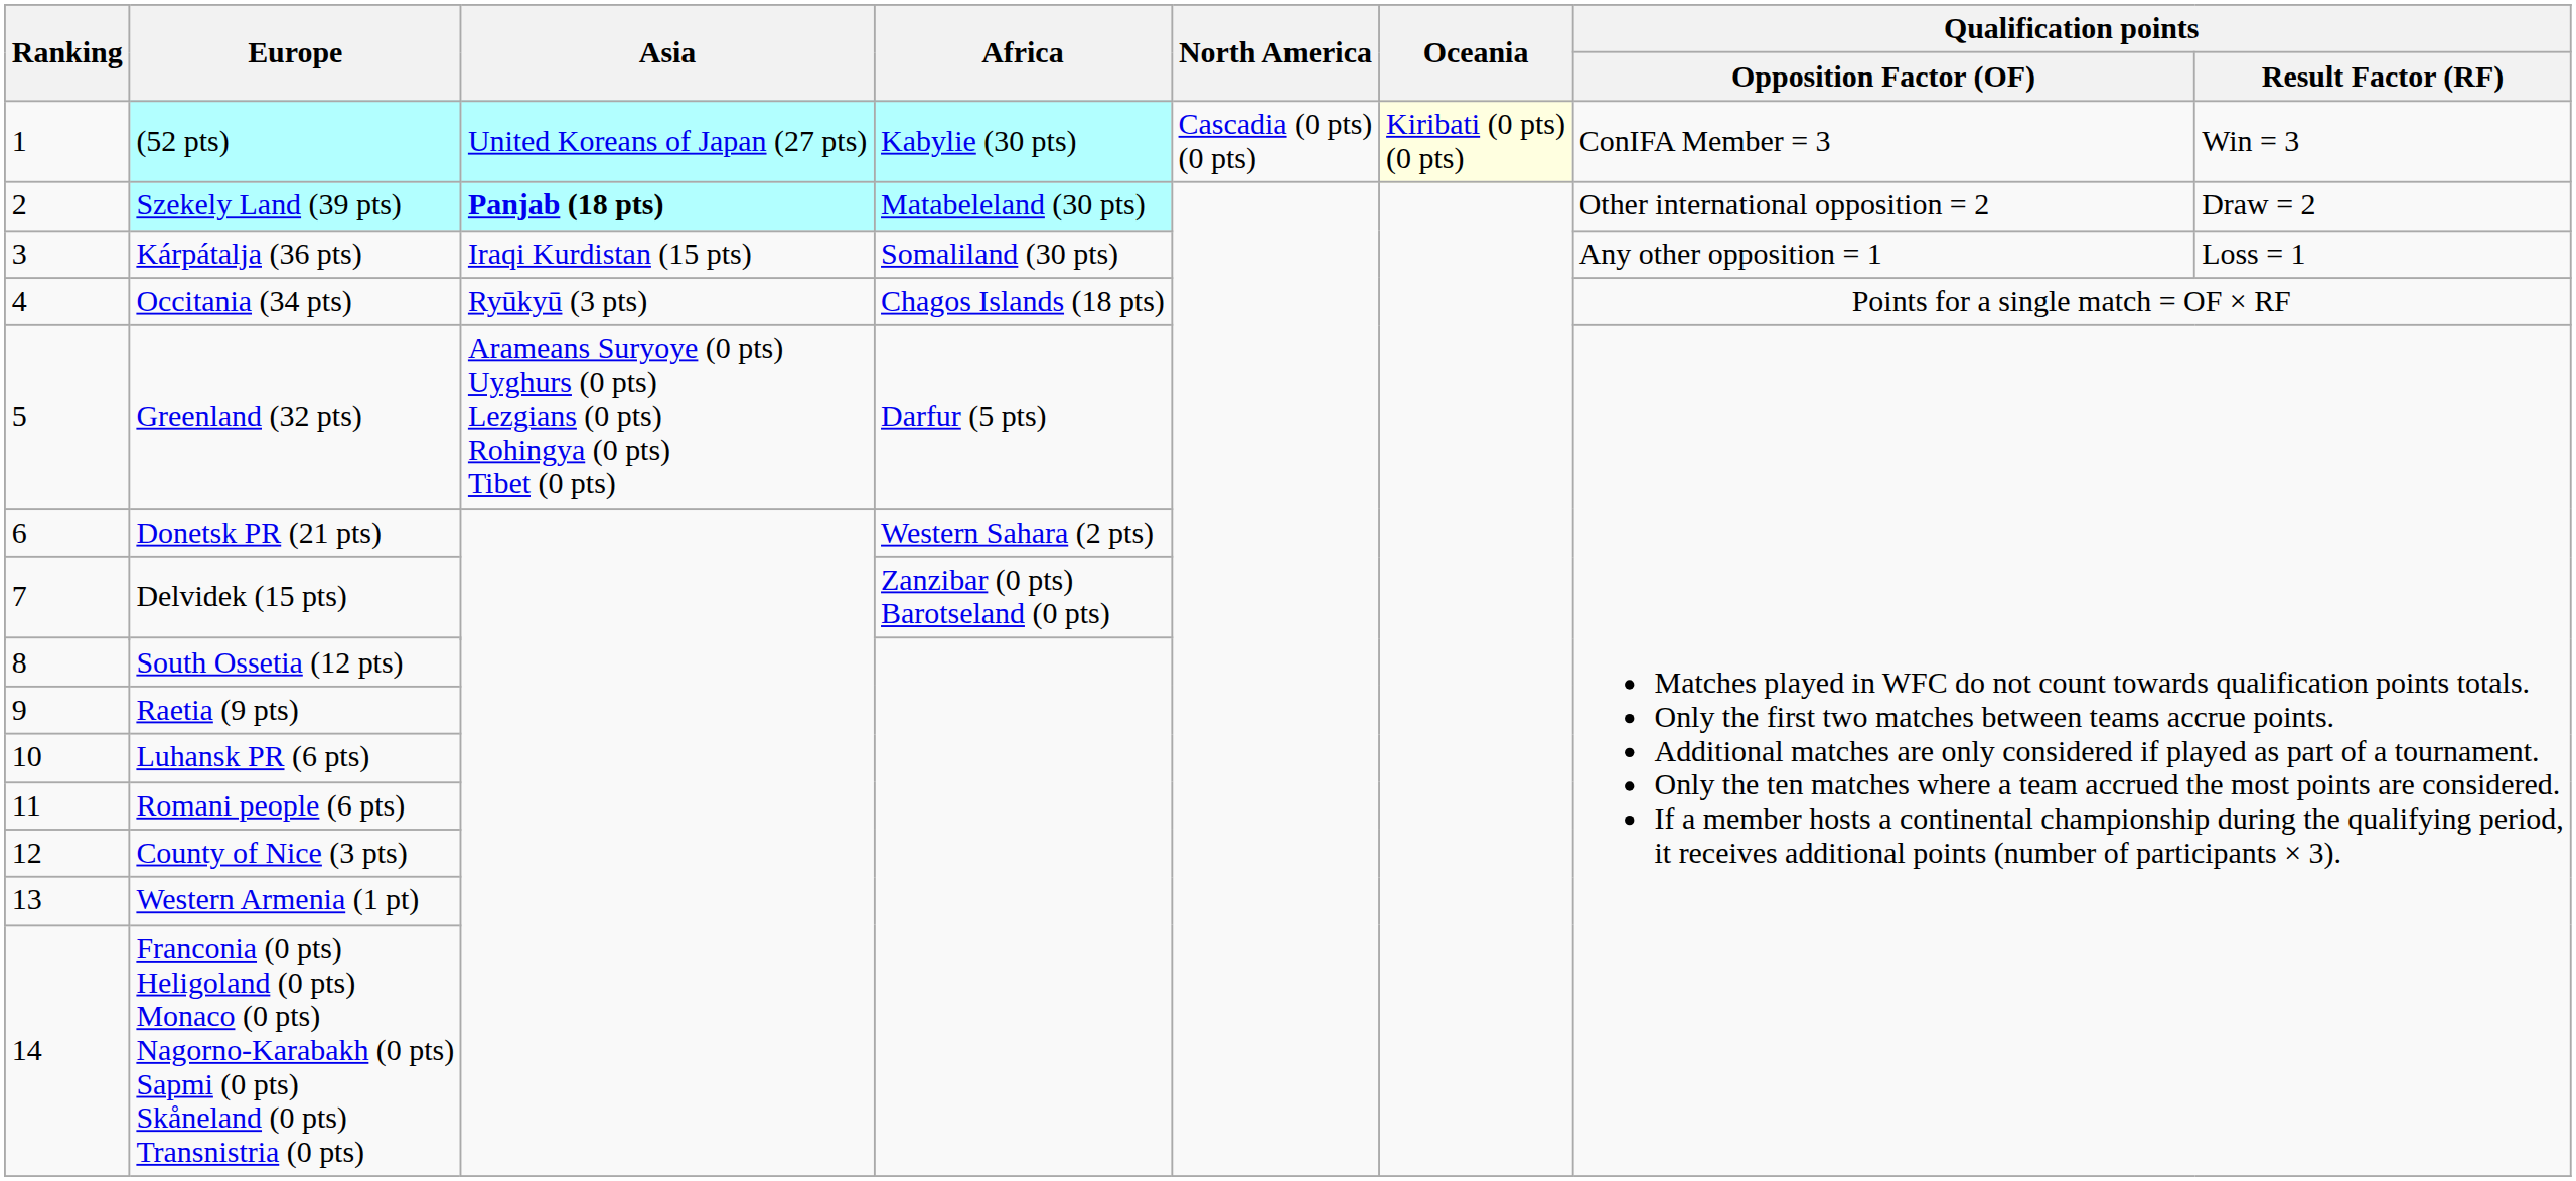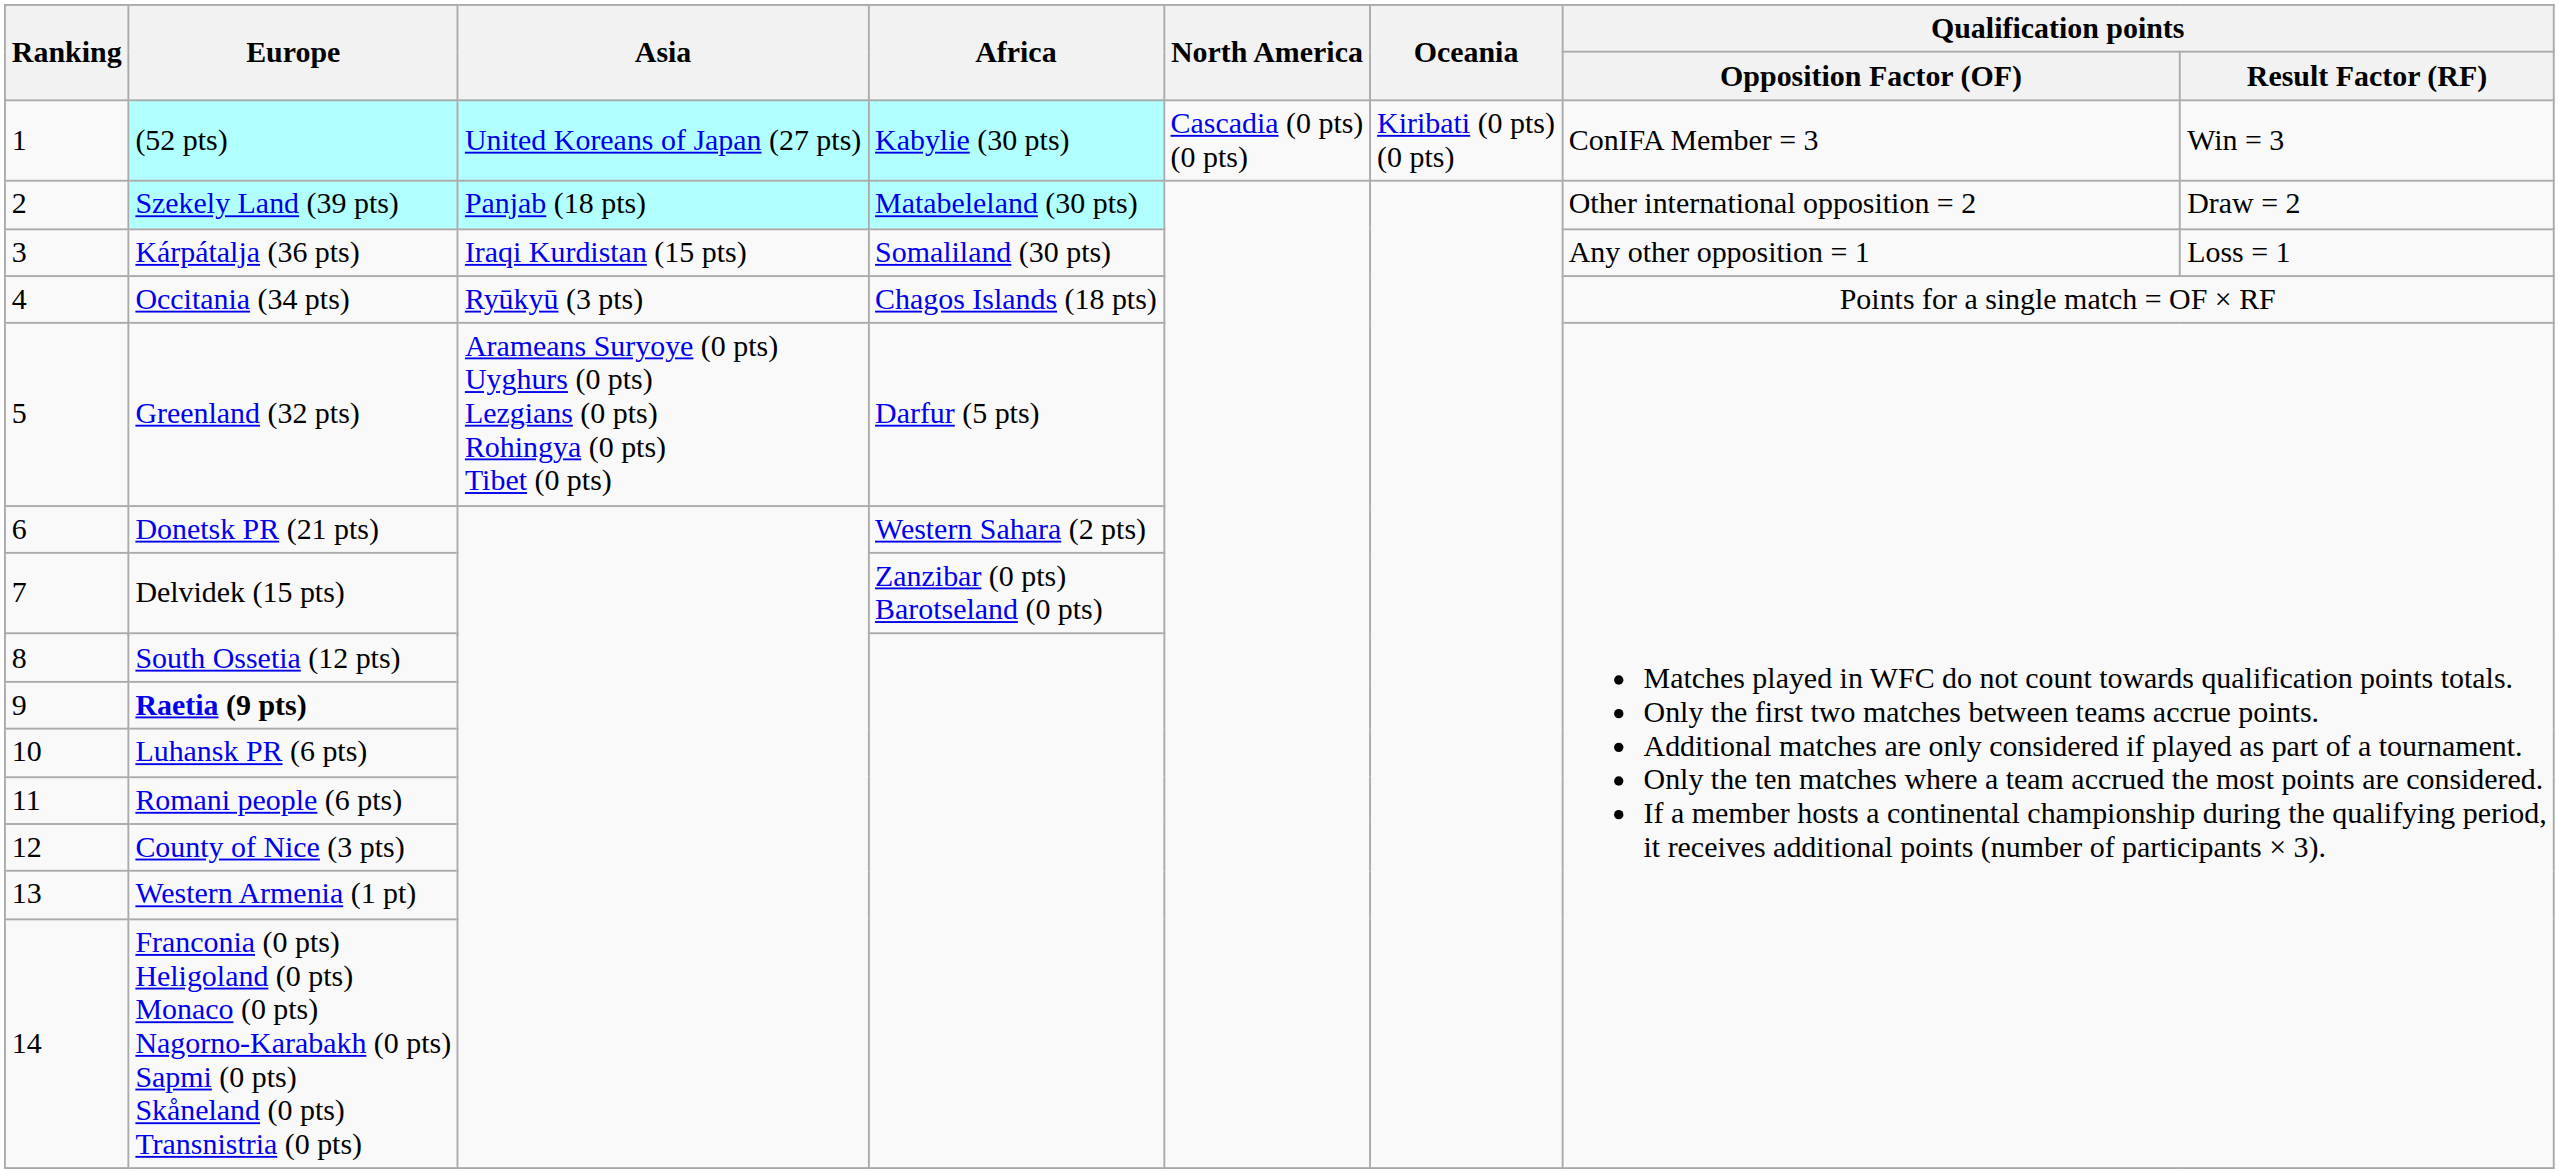 <table class="wikitable">
 <tr>
 <th rowspan=2>Ranking</th>
 <th rowspan=2>Europe</th>
 <th rowspan=2>Asia</th>
 <th rowspan=2>Africa</th>
 <th rowspan=2>North America</th>
 <th rowspan=2>Oceania</th>
 <th colspan=2>Qualification points</th>
 </tr>
 <tr>
 <th>Opposition Factor (OF)</th>
 <th>Result Factor (RF)</th>
 </tr>
 <tr>
 <td>1</td>
 <td bgcolor=#B2FFFF> (52 pts)</td>
 <td bgcolor="#B2FFFF"> <a href='#'>United Koreans of Japan</a> (27 pts)</td>
 <td bgcolor="#B2FFFF"><a href='#'>Kabylie</a> (30 pts)</td>
 <td><a href='#'>Cascadia</a> (0 pts)<br> (0 pts)</td>
-<td style="background: lightyellow;"> <a href='#'>Kiribati</a> (0 pts)<br> (0 pts)</td>
+<td> <a href='#'>Kiribati</a> (0 pts)<br> (0 pts)</td>
 <td>ConIFA Member = 3</td>
 <td>Win = 3</td>
 </tr>
 <tr>
 <td>2</td>
 <td bgcolor=#B2FFFF> <a href='#'>Szekely Land</a> (39 pts)</td>
-<td bgcolor="#B2FFFF"><strong> <a href='#'>Panjab</a> (18 pts)</strong></td>
+<td bgcolor="#B2FFFF"> <a href='#'>Panjab</a> (18 pts)</td>
 <td bgcolor="#B2FFFF"> <a href='#'>Matabeleland</a> (30 pts)</td>
 <td rowspan="16"></td>
 <td rowspan="16"></td>
 <td>Other international opposition = 2</td>
 <td>Draw = 2</td>
 </tr>
 <tr>
 <td>3</td>
 <td> <a href='#'>Kárpátalja</a> (36 pts)</td>
 <td> <a href='#'>Iraqi Kurdistan</a> (15 pts)</td>
 <td> <a href='#'>Somaliland</a> (30 pts)</td>
 <td>Any other opposition = 1</td>
 <td>Loss = 1</td>
 </tr>
 <tr>
 <td>4</td>
 <td> <a href='#'>Occitania</a> (34 pts)</td>
 <td> <a href='#'>Ryūkyū</a> (3 pts)</td>
 <td> <a href='#'>Chagos Islands</a> (18 pts)</td>
 <td colspan="2" align="center">Points for a single match = OF × RF</td>
 </tr>
 <tr>
 <td rowspan="2">5</td>
 <td rowspan="2"> <a href='#'>Greenland</a> (32 pts)</td>
 <td> <a href='#'>Arameans Suryoye</a> (0 pts)<br> <a href='#'>Uyghurs</a> (0 pts)<br> <a href='#'>Lezgians</a> (0 pts)<br> <a href='#'>Rohingya</a> (0 pts)<br> <a href='#'>Tibet</a> (0 pts)</td>
 <td rowspan="2"> <a href='#'>Darfur</a> (5 pts)</td>
 <td colspan="2" rowspan="12"><br><ul><li>Matches played in WFC do not count towards qualification points totals.</li><li>Only the first two matches between teams accrue points.</li><li>Additional matches are only considered if played as part of a tournament.</li><li>Only the ten matches where a team accrued the most points are considered.</li><li>If a member hosts a continental championship during the qualifying period,<br>it receives additional points (number of participants × 3).</li></ul></td>
 </tr>
 <tr>
 <td rowspan="12"></td>
 </tr>
 <tr>
 <td>6</td>
 <td> <a href='#'>Donetsk PR</a> (21 pts)</td>
 <td> <a href='#'>Western Sahara</a> (2 pts)</td>
 </tr>
 <tr>
 <td rowspan="2">7</td>
 <td rowspan="2"> Delvidek (15 pts)</td>
 <td> <a href='#'>Zanzibar</a> (0 pts)<br> <a href='#'>Barotseland</a> (0 pts)</td>
 </tr>
 <tr>
 <td rowspan="8"></td>
 </tr>
 <tr>
 <td>8</td>
 <td> <a href='#'>South Ossetia</a> (12 pts)</td>
 </tr>
 <tr>
 <td>9</td>
-<td> <a href='#'>Raetia</a> (9 pts)</td>
+<td><strong> <a href='#'>Raetia</a> (9 pts)</strong></td>
 </tr>
 <tr>
 <td>10</td>
 <td> <a href='#'>Luhansk PR</a> (6 pts)</td>
 </tr>
 <tr>
 <td>11</td>
 <td> <a href='#'>Romani people</a> (6 pts)</td>
 </tr>
 <tr>
 <td>12</td>
 <td> <a href='#'>County of Nice</a> (3 pts)</td>
 </tr>
 <tr>
 <td>13</td>
 <td> <a href='#'>Western Armenia</a> (1 pt)</td>
 </tr>
 <tr>
 <td>14</td>
 <td> <a href='#'>Franconia</a> (0 pts)<br> <a href='#'>Heligoland</a> (0 pts)<br> <a href='#'>Monaco</a> (0 pts)<br> <a href='#'>Nagorno-Karabakh</a> (0 pts)<br> <a href='#'>Sapmi</a> (0 pts)<br> <a href='#'>Skåneland</a> (0 pts)<br> <a href='#'>Transnistria</a> (0 pts)</td>
 </tr>
 </table>
